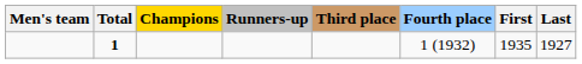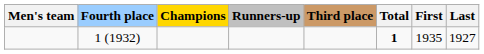 <table class="wikitable" style="text-align: center; font-size: 90%; margin-left: 1em;">
 <tr>
 <th>Men's team</th>
-<th>Total</th>
+<th style="background-color: #9acdff;">Fourth place</th>
 <th style="background-color: gold;">Champions</th>
 <th style="background-color: silver;">Runners-up</th>
 <th style="background-color: #cc9966;">Third place</th>
-<th style="background-color: #9acdff;">Fourth place</th>
+<th>Total</th>
 <th>First</th>
 <th>Last</th>
 </tr>
 <tr>
 <td style="text-align: left;"></td>
-<td><strong>1</strong></td>
+<td>1 (1932)</td>
 <td></td>
 <td></td>
 <td></td>
-<td>1 (1932)</td>
+<td><strong>1</strong></td>
 <td>1935</td>
 <td>1927</td>
 </tr>
 </table>
